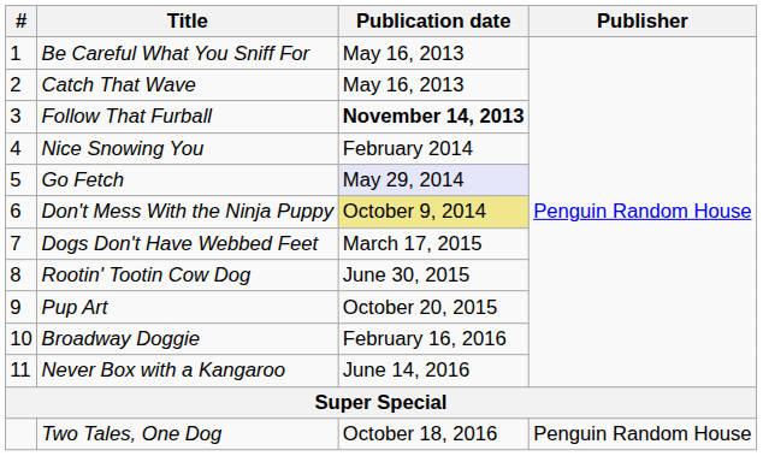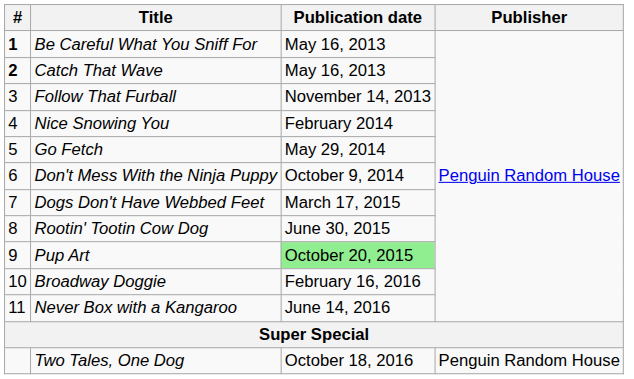 <table class="wikitable sortable">
 <tr>
 <th>#</th>
 <th>Title</th>
 <th>Publication date</th>
 <th>Publisher</th>
 </tr>
 <tr>
-<td>1</td>
+<td><strong>1</strong></td>
 <td><em>Be Careful What You Sniff For</em></td>
 <td>May 16, 2013</td>
 <td rowspan="11"><a href='#'>Penguin Random House</a></td>
 </tr>
 <tr>
-<td>2</td>
+<td><strong>2</strong></td>
 <td><em>Catch That Wave</em></td>
 <td>May 16, 2013</td>
 </tr>
 <tr>
 <td>3</td>
 <td><em>Follow That Furball</em></td>
-<td><strong>November 14, 2013</strong></td>
+<td>November 14, 2013</td>
 </tr>
 <tr>
 <td>4</td>
 <td><em>Nice Snowing You</em></td>
 <td>February 2014</td>
 </tr>
 <tr>
 <td>5</td>
 <td><em>Go Fetch</em></td>
-<td style="background: lavender;">May 29, 2014</td>
+<td>May 29, 2014</td>
 </tr>
 <tr>
 <td>6</td>
 <td><em>Don't Mess With the Ninja Puppy</em></td>
-<td style="background: khaki;">October 9, 2014</td>
+<td>October 9, 2014</td>
 </tr>
 <tr>
 <td>7</td>
 <td><em>Dogs Don't Have Webbed Feet</em></td>
 <td>March 17, 2015</td>
 </tr>
 <tr>
 <td>8</td>
 <td><em>Rootin' Tootin Cow Dog</em></td>
 <td>June 30, 2015</td>
 </tr>
 <tr>
 <td>9</td>
 <td><em>Pup Art</em></td>
-<td>October 20, 2015</td>
+<td style="background: lightgreen;">October 20, 2015</td>
 </tr>
 <tr>
 <td>10</td>
 <td><em>Broadway Doggie</em></td>
 <td>February 16, 2016</td>
 </tr>
 <tr>
 <td>11</td>
 <td><em>Never Box with a Kangaroo</em></td>
 <td>June 14, 2016</td>
 </tr>
 <tr>
 <th colspan="4">Super Special</th>
 </tr>
 <tr>
 <td></td>
 <td><em>Two Tales, One Dog</em></td>
 <td>October 18, 2016</td>
 <td>Penguin Random House</td>
 </tr>
 </table>
